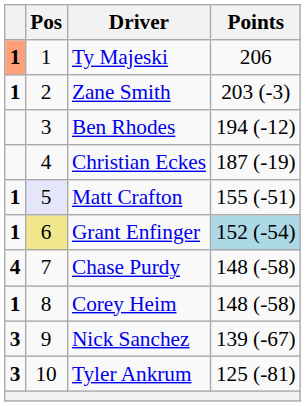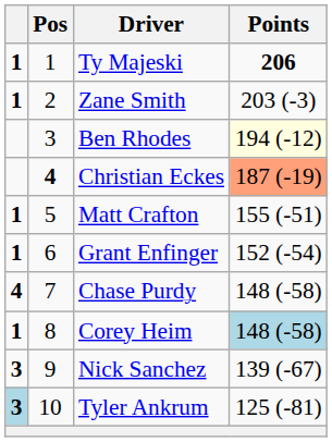 <table class="wikitable" style="font-size: 95%;">
 <tr>
 <th></th>
 <th>Pos</th>
 <th>Driver</th>
 <th>Points</th>
 </tr>
 <tr>
-<td align="left" style="background: lightsalmon;"> <strong>1</strong></td>
+<td align="left"> <strong>1</strong></td>
 <td style="text-align:center;">1</td>
 <td><a href='#'>Ty Majeski</a></td>
-<td style="text-align:center;">206</td>
+<td style="text-align:center;"><strong>206</strong></td>
 </tr>
 <tr>
 <td align="left"> <strong>1</strong></td>
 <td style="text-align:center;">2</td>
 <td><a href='#'>Zane Smith</a></td>
 <td style="text-align:center;">203 (-3)</td>
 </tr>
 <tr>
 <td align="left"></td>
 <td style="text-align:center;">3</td>
 <td><a href='#'>Ben Rhodes</a></td>
-<td style="text-align:center;">194 (-12)</td>
+<td style="background: lightyellow; text-align:center;">194 (-12)</td>
 </tr>
 <tr>
 <td align="left"></td>
-<td style="text-align:center;">4</td>
+<td style="text-align:center;"><strong>4</strong></td>
 <td><a href='#'>Christian Eckes</a></td>
-<td style="text-align:center;">187 (-19)</td>
+<td style="background: lightsalmon; text-align:center;">187 (-19)</td>
 </tr>
 <tr>
 <td align="left"> <strong>1</strong></td>
-<td style="background: lavender; text-align:center;">5</td>
+<td style="text-align:center;">5</td>
 <td><a href='#'>Matt Crafton</a></td>
 <td style="text-align:center;">155 (-51)</td>
 </tr>
 <tr>
 <td align="left"> <strong>1</strong></td>
-<td style="background: khaki; text-align:center;">6</td>
+<td style="text-align:center;">6</td>
 <td><a href='#'>Grant Enfinger</a></td>
-<td style="background: lightblue; text-align:center;">152 (-54)</td>
+<td style="text-align:center;">152 (-54)</td>
 </tr>
 <tr>
 <td align="left"> <strong>4</strong></td>
 <td style="text-align:center;">7</td>
 <td><a href='#'>Chase Purdy</a></td>
 <td style="text-align:center;">148 (-58)</td>
 </tr>
 <tr>
 <td align="left"> <strong>1</strong></td>
 <td style="text-align:center;">8</td>
 <td><a href='#'>Corey Heim</a></td>
-<td style="text-align:center;">148 (-58)</td>
+<td style="background: lightblue; text-align:center;">148 (-58)</td>
 </tr>
 <tr>
 <td align="left"> <strong>3</strong></td>
 <td style="text-align:center;">9</td>
 <td><a href='#'>Nick Sanchez</a></td>
 <td style="text-align:center;">139 (-67)</td>
 </tr>
 <tr>
-<td align="left"> <strong>3</strong></td>
+<td align="left" style="background: lightblue;"> <strong>3</strong></td>
 <td style="text-align:center;">10</td>
 <td><a href='#'>Tyler Ankrum</a></td>
 <td style="text-align:center;">125 (-81)</td>
 </tr>
 <tr class="sortbottom">
 <th colspan="9"></th>
 </tr>
 </table>
